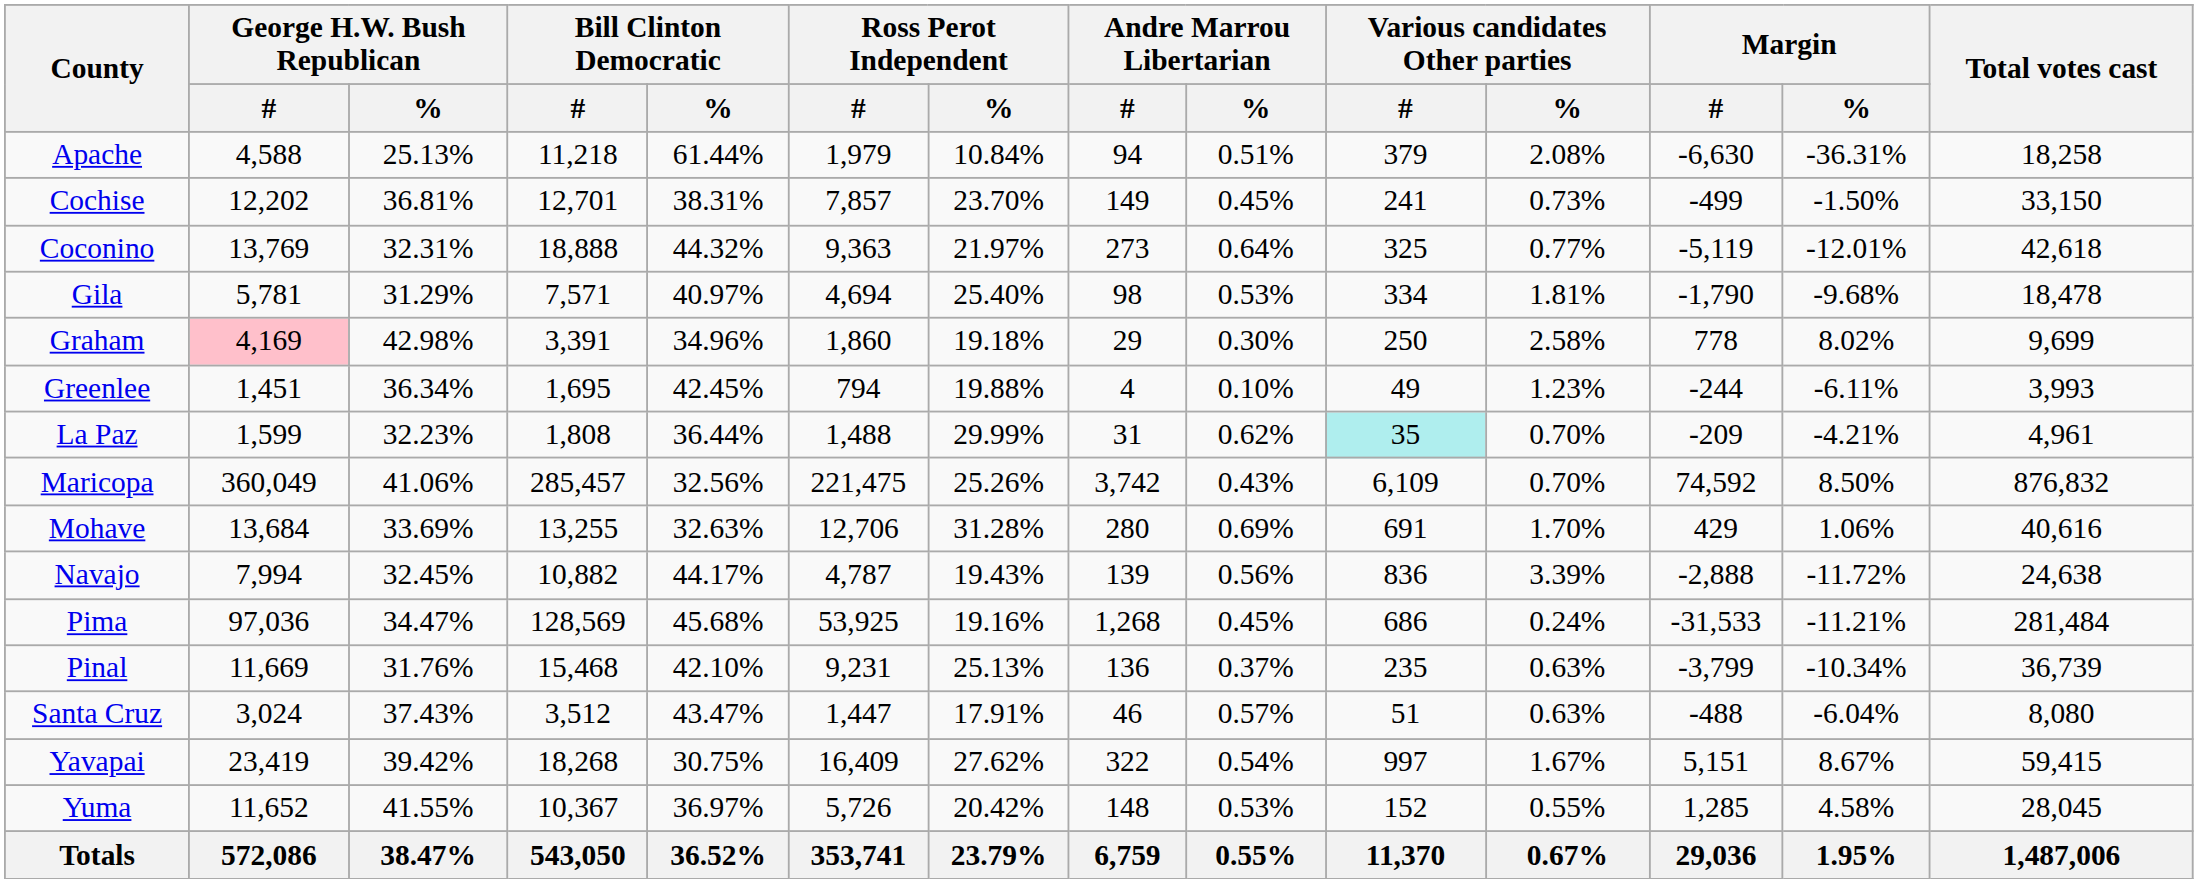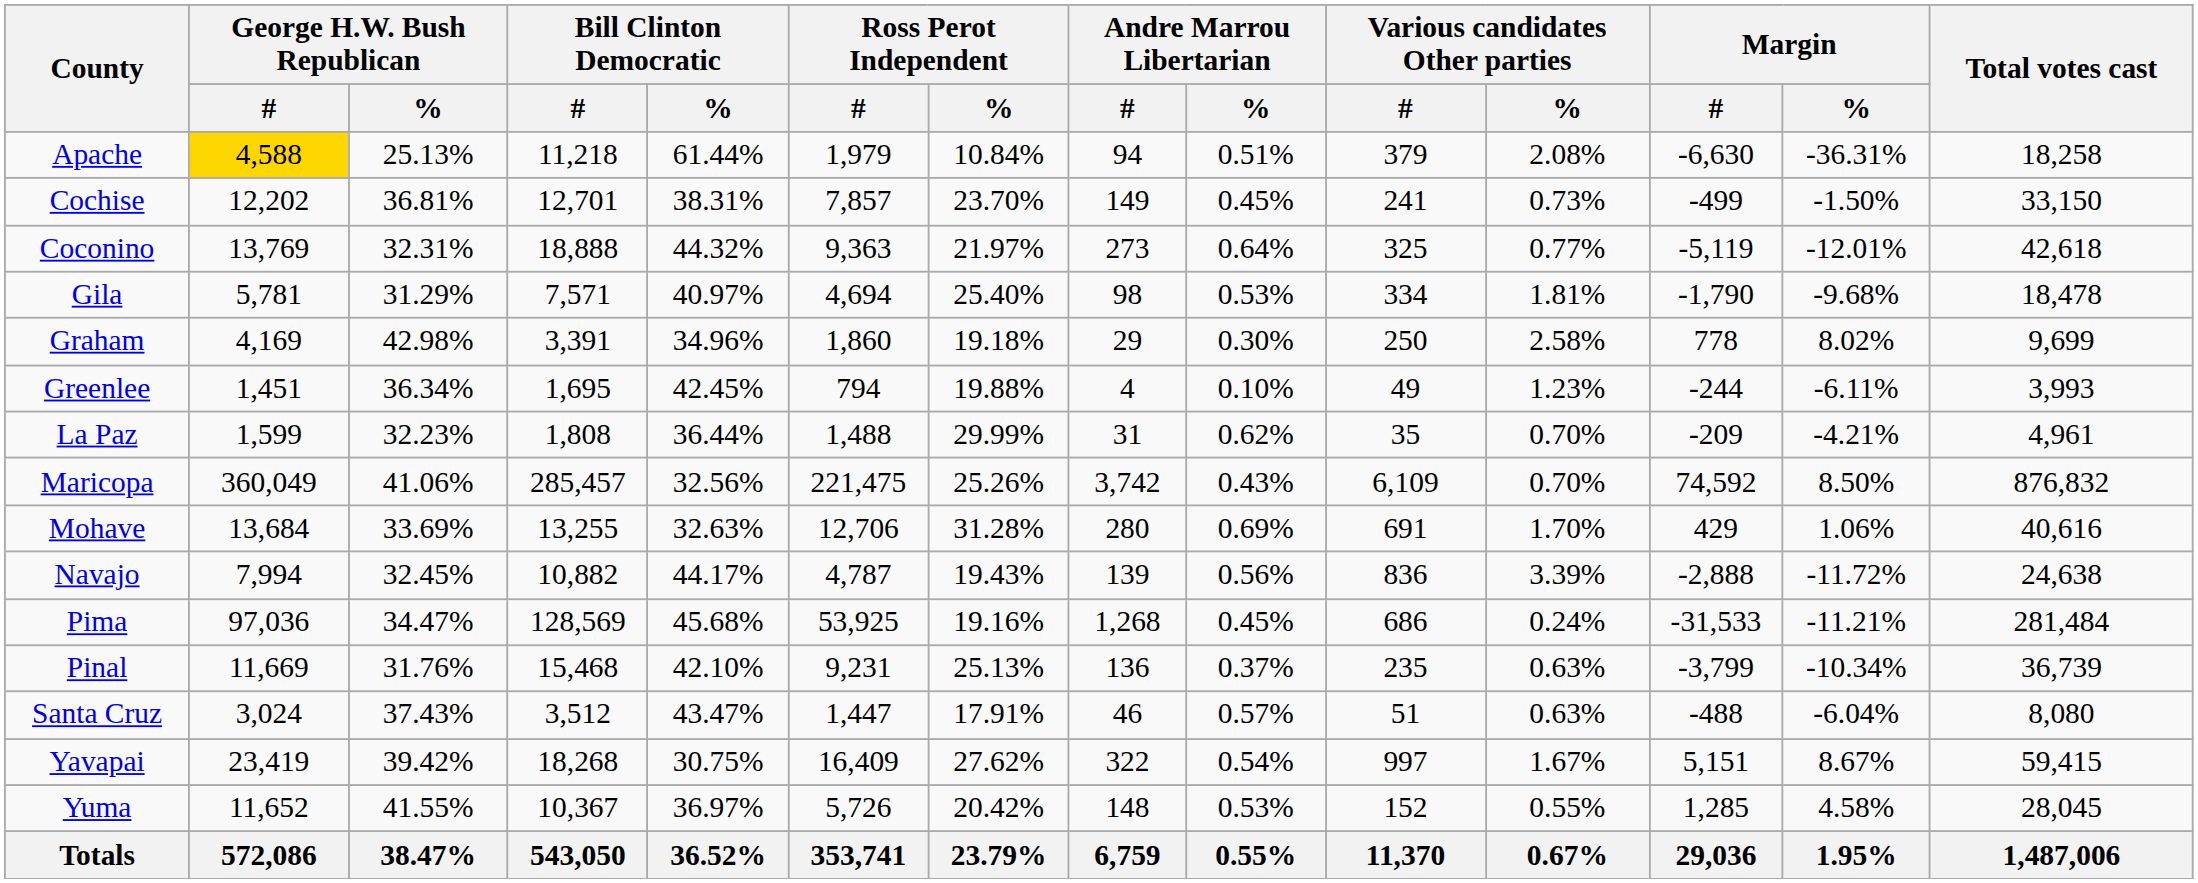 <table width="60%" class="wikitable sortable" style="text-align:center">
 <tr>
 <th colspan="1" rowspan="2">County</th>
 <th style="text-align:center;" colspan="2">George H.W. Bush<br>Republican</th>
 <th style="text-align:center;" colspan="2">Bill Clinton<br>Democratic</th>
 <th style="text-align:center;" colspan="2">Ross Perot<br>Independent</th>
 <th style="text-align:center;" colspan="2">Andre Marrou<br>Libertarian</th>
 <th style="text-align:center;" colspan="2">Various candidates<br>Other parties</th>
 <th style="text-align:center;" colspan="2">Margin</th>
 <th rowspan="2" style="text-align:center;">Total votes cast</th>
 </tr>
 <tr>
 <th style="text-align:center;" data-sort-type="number">#</th>
 <th style="text-align:center;" data-sort-type="number">%</th>
 <th style="text-align:center;" data-sort-type="number">#</th>
 <th style="text-align:center;" data-sort-type="number">%</th>
 <th style="text-align:center;" data-sort-type="number">#</th>
 <th style="text-align:center;" data-sort-type="number">%</th>
 <th style="text-align:center;" data-sort-type="number">#</th>
 <th style="text-align:center;" data-sort-type="number">%</th>
 <th style="text-align:center;" data-sort-type="number">#</th>
 <th style="text-align:center;" data-sort-type="number">%</th>
 <th style="text-align:center;" data-sort-type="number">#</th>
 <th style="text-align:center;" data-sort-type="number">%</th>
 </tr>
 <tr style="text-align:center;">
 <td><a href='#'>Apache</a></td>
-<td>4,588</td>
+<td style="background: gold;">4,588</td>
 <td>25.13%</td>
 <td>11,218</td>
 <td>61.44%</td>
 <td>1,979</td>
 <td>10.84%</td>
 <td>94</td>
 <td>0.51%</td>
 <td>379</td>
 <td>2.08%</td>
 <td>-6,630</td>
 <td>-36.31%</td>
 <td>18,258</td>
 </tr>
 <tr style="text-align:center;">
 <td><a href='#'>Cochise</a></td>
 <td>12,202</td>
 <td>36.81%</td>
 <td>12,701</td>
 <td>38.31%</td>
 <td>7,857</td>
 <td>23.70%</td>
 <td>149</td>
 <td>0.45%</td>
 <td>241</td>
 <td>0.73%</td>
 <td>-499</td>
 <td>-1.50%</td>
 <td>33,150</td>
 </tr>
 <tr style="text-align:center;">
 <td><a href='#'>Coconino</a></td>
 <td>13,769</td>
 <td>32.31%</td>
 <td>18,888</td>
 <td>44.32%</td>
 <td>9,363</td>
 <td>21.97%</td>
 <td>273</td>
 <td>0.64%</td>
 <td>325</td>
 <td>0.77%</td>
 <td>-5,119</td>
 <td>-12.01%</td>
 <td>42,618</td>
 </tr>
 <tr style="text-align:center;">
 <td><a href='#'>Gila</a></td>
 <td>5,781</td>
 <td>31.29%</td>
 <td>7,571</td>
 <td>40.97%</td>
 <td>4,694</td>
 <td>25.40%</td>
 <td>98</td>
 <td>0.53%</td>
 <td>334</td>
 <td>1.81%</td>
 <td>-1,790</td>
 <td>-9.68%</td>
 <td>18,478</td>
 </tr>
 <tr style="text-align:center;">
 <td><a href='#'>Graham</a></td>
-<td style="background: pink;">4,169</td>
+<td>4,169</td>
 <td>42.98%</td>
 <td>3,391</td>
 <td>34.96%</td>
 <td>1,860</td>
 <td>19.18%</td>
 <td>29</td>
 <td>0.30%</td>
 <td>250</td>
 <td>2.58%</td>
 <td>778</td>
 <td>8.02%</td>
 <td>9,699</td>
 </tr>
 <tr style="text-align:center;">
 <td><a href='#'>Greenlee</a></td>
 <td>1,451</td>
 <td>36.34%</td>
 <td>1,695</td>
 <td>42.45%</td>
 <td>794</td>
 <td>19.88%</td>
 <td>4</td>
 <td>0.10%</td>
 <td>49</td>
 <td>1.23%</td>
 <td>-244</td>
 <td>-6.11%</td>
 <td>3,993</td>
 </tr>
 <tr style="text-align:center;">
 <td><a href='#'>La Paz</a></td>
 <td>1,599</td>
 <td>32.23%</td>
 <td>1,808</td>
 <td>36.44%</td>
 <td>1,488</td>
 <td>29.99%</td>
 <td>31</td>
 <td>0.62%</td>
-<td style="background: paleturquoise;">35</td>
+<td>35</td>
 <td>0.70%</td>
 <td>-209</td>
 <td>-4.21%</td>
 <td>4,961</td>
 </tr>
 <tr style="text-align:center;">
 <td><a href='#'>Maricopa</a></td>
 <td>360,049</td>
 <td>41.06%</td>
 <td>285,457</td>
 <td>32.56%</td>
 <td>221,475</td>
 <td>25.26%</td>
 <td>3,742</td>
 <td>0.43%</td>
 <td>6,109</td>
 <td>0.70%</td>
 <td>74,592</td>
 <td>8.50%</td>
 <td>876,832</td>
 </tr>
 <tr style="text-align:center;">
 <td><a href='#'>Mohave</a></td>
 <td>13,684</td>
 <td>33.69%</td>
 <td>13,255</td>
 <td>32.63%</td>
 <td>12,706</td>
 <td>31.28%</td>
 <td>280</td>
 <td>0.69%</td>
 <td>691</td>
 <td>1.70%</td>
 <td>429</td>
 <td>1.06%</td>
 <td>40,616</td>
 </tr>
 <tr style="text-align:center;">
 <td><a href='#'>Navajo</a></td>
 <td>7,994</td>
 <td>32.45%</td>
 <td>10,882</td>
 <td>44.17%</td>
 <td>4,787</td>
 <td>19.43%</td>
 <td>139</td>
 <td>0.56%</td>
 <td>836</td>
 <td>3.39%</td>
 <td>-2,888</td>
 <td>-11.72%</td>
 <td>24,638</td>
 </tr>
 <tr style="text-align:center;">
 <td><a href='#'>Pima</a></td>
 <td>97,036</td>
 <td>34.47%</td>
 <td>128,569</td>
 <td>45.68%</td>
 <td>53,925</td>
 <td>19.16%</td>
 <td>1,268</td>
 <td>0.45%</td>
 <td>686</td>
 <td>0.24%</td>
 <td>-31,533</td>
 <td>-11.21%</td>
 <td>281,484</td>
 </tr>
 <tr style="text-align:center;">
 <td><a href='#'>Pinal</a></td>
 <td>11,669</td>
 <td>31.76%</td>
 <td>15,468</td>
 <td>42.10%</td>
 <td>9,231</td>
 <td>25.13%</td>
 <td>136</td>
 <td>0.37%</td>
 <td>235</td>
 <td>0.63%</td>
 <td>-3,799</td>
 <td>-10.34%</td>
 <td>36,739</td>
 </tr>
 <tr style="text-align:center;">
 <td><a href='#'>Santa Cruz</a></td>
 <td>3,024</td>
 <td>37.43%</td>
 <td>3,512</td>
 <td>43.47%</td>
 <td>1,447</td>
 <td>17.91%</td>
 <td>46</td>
 <td>0.57%</td>
 <td>51</td>
 <td>0.63%</td>
 <td>-488</td>
 <td>-6.04%</td>
 <td>8,080</td>
 </tr>
 <tr style="text-align:center;">
 <td><a href='#'>Yavapai</a></td>
 <td>23,419</td>
 <td>39.42%</td>
 <td>18,268</td>
 <td>30.75%</td>
 <td>16,409</td>
 <td>27.62%</td>
 <td>322</td>
 <td>0.54%</td>
 <td>997</td>
 <td>1.67%</td>
 <td>5,151</td>
 <td>8.67%</td>
 <td>59,415</td>
 </tr>
 <tr style="text-align:center;">
 <td><a href='#'>Yuma</a></td>
 <td>11,652</td>
 <td>41.55%</td>
 <td>10,367</td>
 <td>36.97%</td>
 <td>5,726</td>
 <td>20.42%</td>
 <td>148</td>
 <td>0.53%</td>
 <td>152</td>
 <td>0.55%</td>
 <td>1,285</td>
 <td>4.58%</td>
 <td>28,045</td>
 </tr>
 <tr style="text-align:center;">
 <th>Totals</th>
 <th>572,086</th>
 <th>38.47%</th>
 <th>543,050</th>
 <th>36.52%</th>
 <th>353,741</th>
 <th>23.79%</th>
 <th>6,759</th>
 <th>0.55%</th>
 <th>11,370</th>
 <th>0.67%</th>
 <th>29,036</th>
 <th>1.95%</th>
 <th>1,487,006</th>
 </tr>
 </table>
